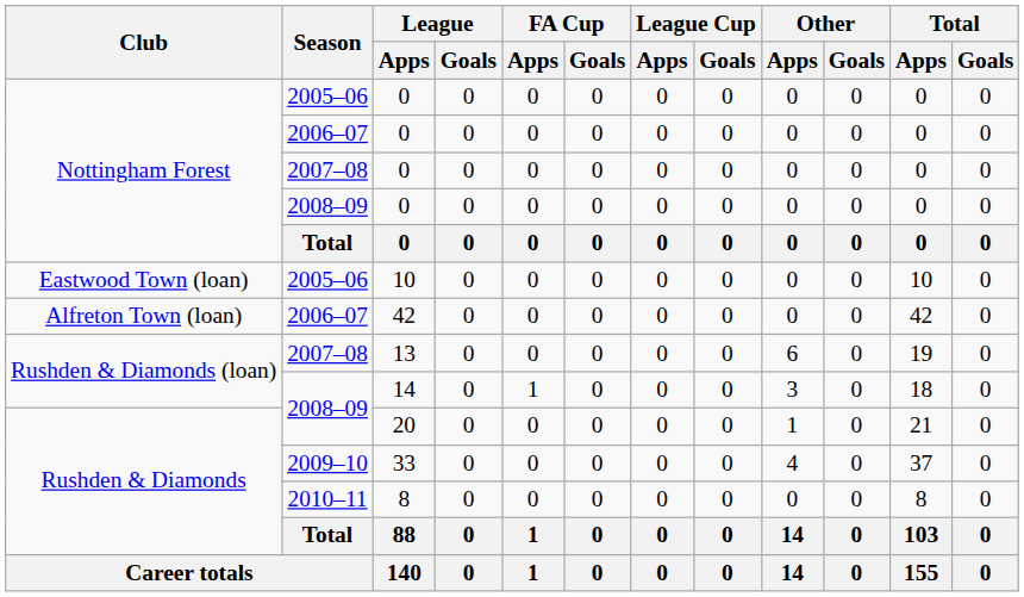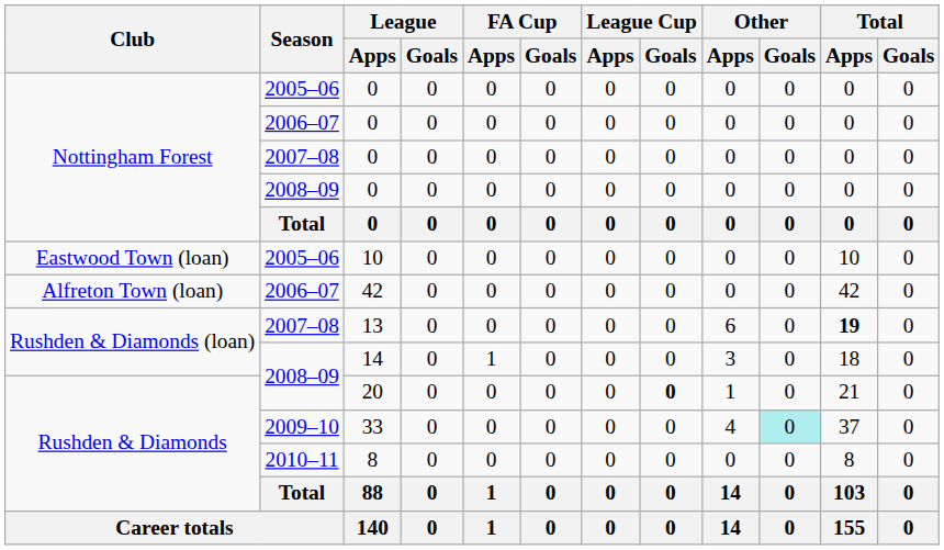 <table class="wikitable" style="text-align: center;">
 <tr>
 <th rowspan="2">Club</th>
 <th rowspan="2">Season</th>
 <th colspan="2">League</th>
 <th colspan="2">FA Cup</th>
 <th colspan="2">League Cup</th>
 <th colspan="2">Other</th>
 <th colspan="2">Total</th>
 </tr>
 <tr>
 <th>Apps</th>
 <th>Goals</th>
 <th>Apps</th>
 <th>Goals</th>
 <th>Apps</th>
 <th>Goals</th>
 <th>Apps</th>
 <th>Goals</th>
 <th>Apps</th>
 <th>Goals</th>
 </tr>
 <tr>
 <td rowspan="5" valign="center"><a href='#'>Nottingham Forest</a></td>
 <td><a href='#'>2005–06</a></td>
 <td>0</td>
 <td>0</td>
 <td>0</td>
 <td>0</td>
 <td>0</td>
 <td>0</td>
 <td>0</td>
 <td>0</td>
 <td>0</td>
 <td>0</td>
 </tr>
 <tr>
 <td><a href='#'>2006–07</a></td>
 <td>0</td>
 <td>0</td>
 <td>0</td>
 <td>0</td>
 <td>0</td>
 <td>0</td>
 <td>0</td>
 <td>0</td>
 <td>0</td>
 <td>0</td>
 </tr>
 <tr>
 <td><a href='#'>2007–08</a></td>
 <td>0</td>
 <td>0</td>
 <td>0</td>
 <td>0</td>
 <td>0</td>
 <td>0</td>
 <td>0</td>
 <td>0</td>
 <td>0</td>
 <td>0</td>
 </tr>
 <tr>
 <td><a href='#'>2008–09</a></td>
 <td>0</td>
 <td>0</td>
 <td>0</td>
 <td>0</td>
 <td>0</td>
 <td>0</td>
 <td>0</td>
 <td>0</td>
 <td>0</td>
 <td>0</td>
 </tr>
 <tr>
 <th>Total</th>
 <th>0</th>
 <th>0</th>
 <th>0</th>
 <th>0</th>
 <th>0</th>
 <th>0</th>
 <th>0</th>
 <th>0</th>
 <th>0</th>
 <th>0</th>
 </tr>
 <tr>
 <td rowspan="1" valign="center"><a href='#'>Eastwood Town</a> (loan)</td>
 <td><a href='#'>2005–06</a></td>
 <td>10</td>
 <td>0</td>
 <td>0</td>
 <td>0</td>
 <td>0</td>
 <td>0</td>
 <td>0</td>
 <td>0</td>
 <td>10</td>
 <td>0</td>
 </tr>
 <tr>
 <td rowspan="1" valign="center"><a href='#'>Alfreton Town</a> (loan)</td>
 <td><a href='#'>2006–07</a></td>
 <td>42</td>
 <td>0</td>
 <td>0</td>
 <td>0</td>
 <td>0</td>
 <td>0</td>
 <td>0</td>
 <td>0</td>
 <td>42</td>
 <td>0</td>
 </tr>
 <tr>
 <td rowspan="2" valign="center"><a href='#'>Rushden & Diamonds</a> (loan)</td>
 <td><a href='#'>2007–08</a></td>
 <td>13</td>
 <td>0</td>
 <td>0</td>
 <td>0</td>
 <td>0</td>
 <td>0</td>
 <td>6</td>
 <td>0</td>
-<td>19</td>
+<td><strong>19</strong></td>
 <td>0</td>
 </tr>
 <tr>
 <td rowspan="2"><a href='#'>2008–09</a></td>
 <td>14</td>
 <td>0</td>
 <td>1</td>
 <td>0</td>
 <td>0</td>
 <td>0</td>
 <td>3</td>
 <td>0</td>
 <td>18</td>
 <td>0</td>
 </tr>
 <tr>
 <td rowspan="4" valign="center"><a href='#'>Rushden & Diamonds</a></td>
 <td>20</td>
 <td>0</td>
 <td>0</td>
 <td>0</td>
 <td>0</td>
-<td>0</td>
+<td><strong>0</strong></td>
 <td>1</td>
 <td>0</td>
 <td>21</td>
 <td>0</td>
 </tr>
 <tr>
 <td><a href='#'>2009–10</a></td>
 <td>33</td>
 <td>0</td>
 <td>0</td>
 <td>0</td>
 <td>0</td>
 <td>0</td>
 <td>4</td>
-<td>0</td>
+<td style="background: paleturquoise;">0</td>
 <td>37</td>
 <td>0</td>
 </tr>
 <tr>
 <td><a href='#'>2010–11</a></td>
 <td>8</td>
 <td>0</td>
 <td>0</td>
 <td>0</td>
 <td>0</td>
 <td>0</td>
 <td>0</td>
 <td>0</td>
 <td>8</td>
 <td>0</td>
 </tr>
 <tr>
 <th>Total</th>
 <th>88</th>
 <th>0</th>
 <th>1</th>
 <th>0</th>
 <th>0</th>
 <th>0</th>
 <th>14</th>
 <th>0</th>
 <th>103</th>
 <th>0</th>
 </tr>
 <tr>
 <th colspan="2">Career totals</th>
 <th>140</th>
 <th>0</th>
 <th>1</th>
 <th>0</th>
 <th>0</th>
 <th>0</th>
 <th>14</th>
 <th>0</th>
 <th>155</th>
 <th>0</th>
 </tr>
 </table>
